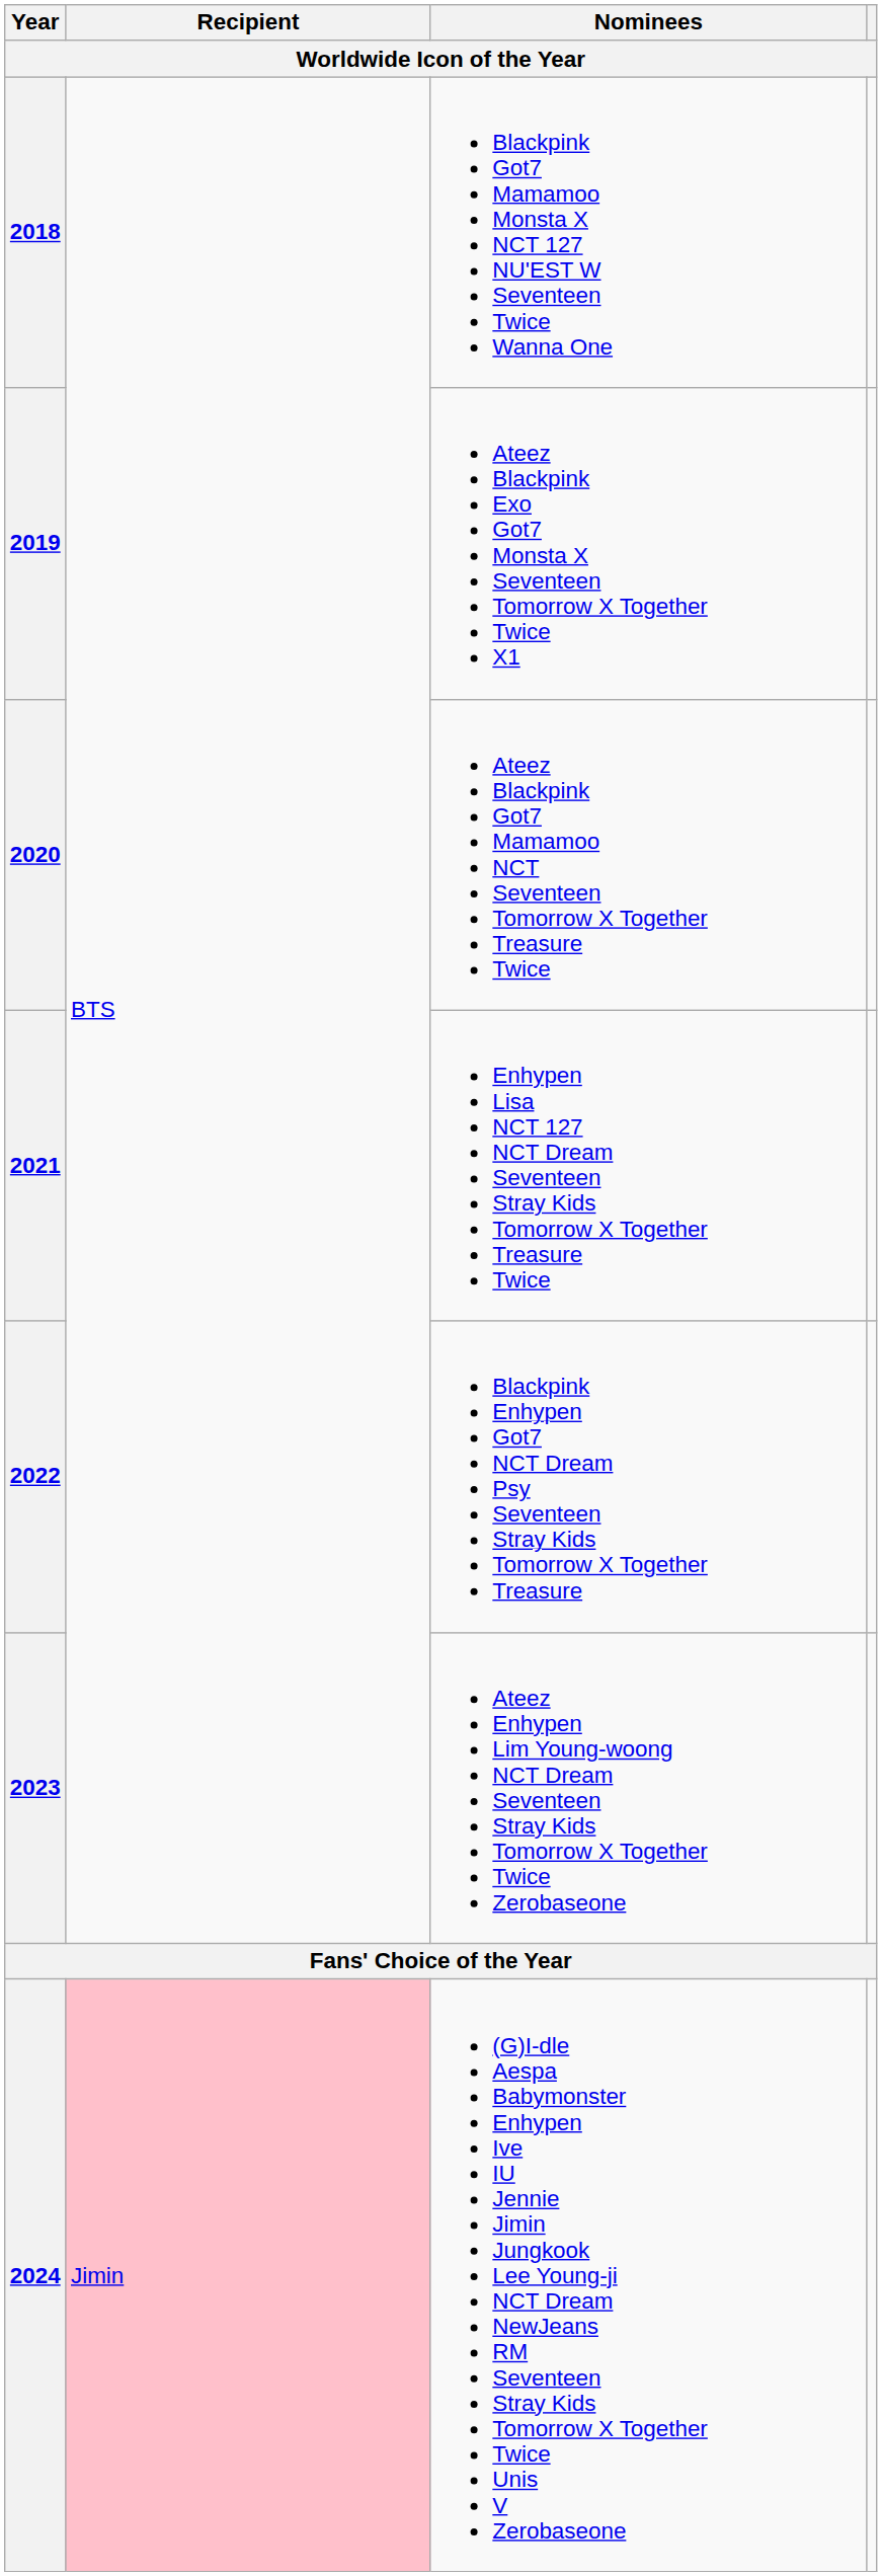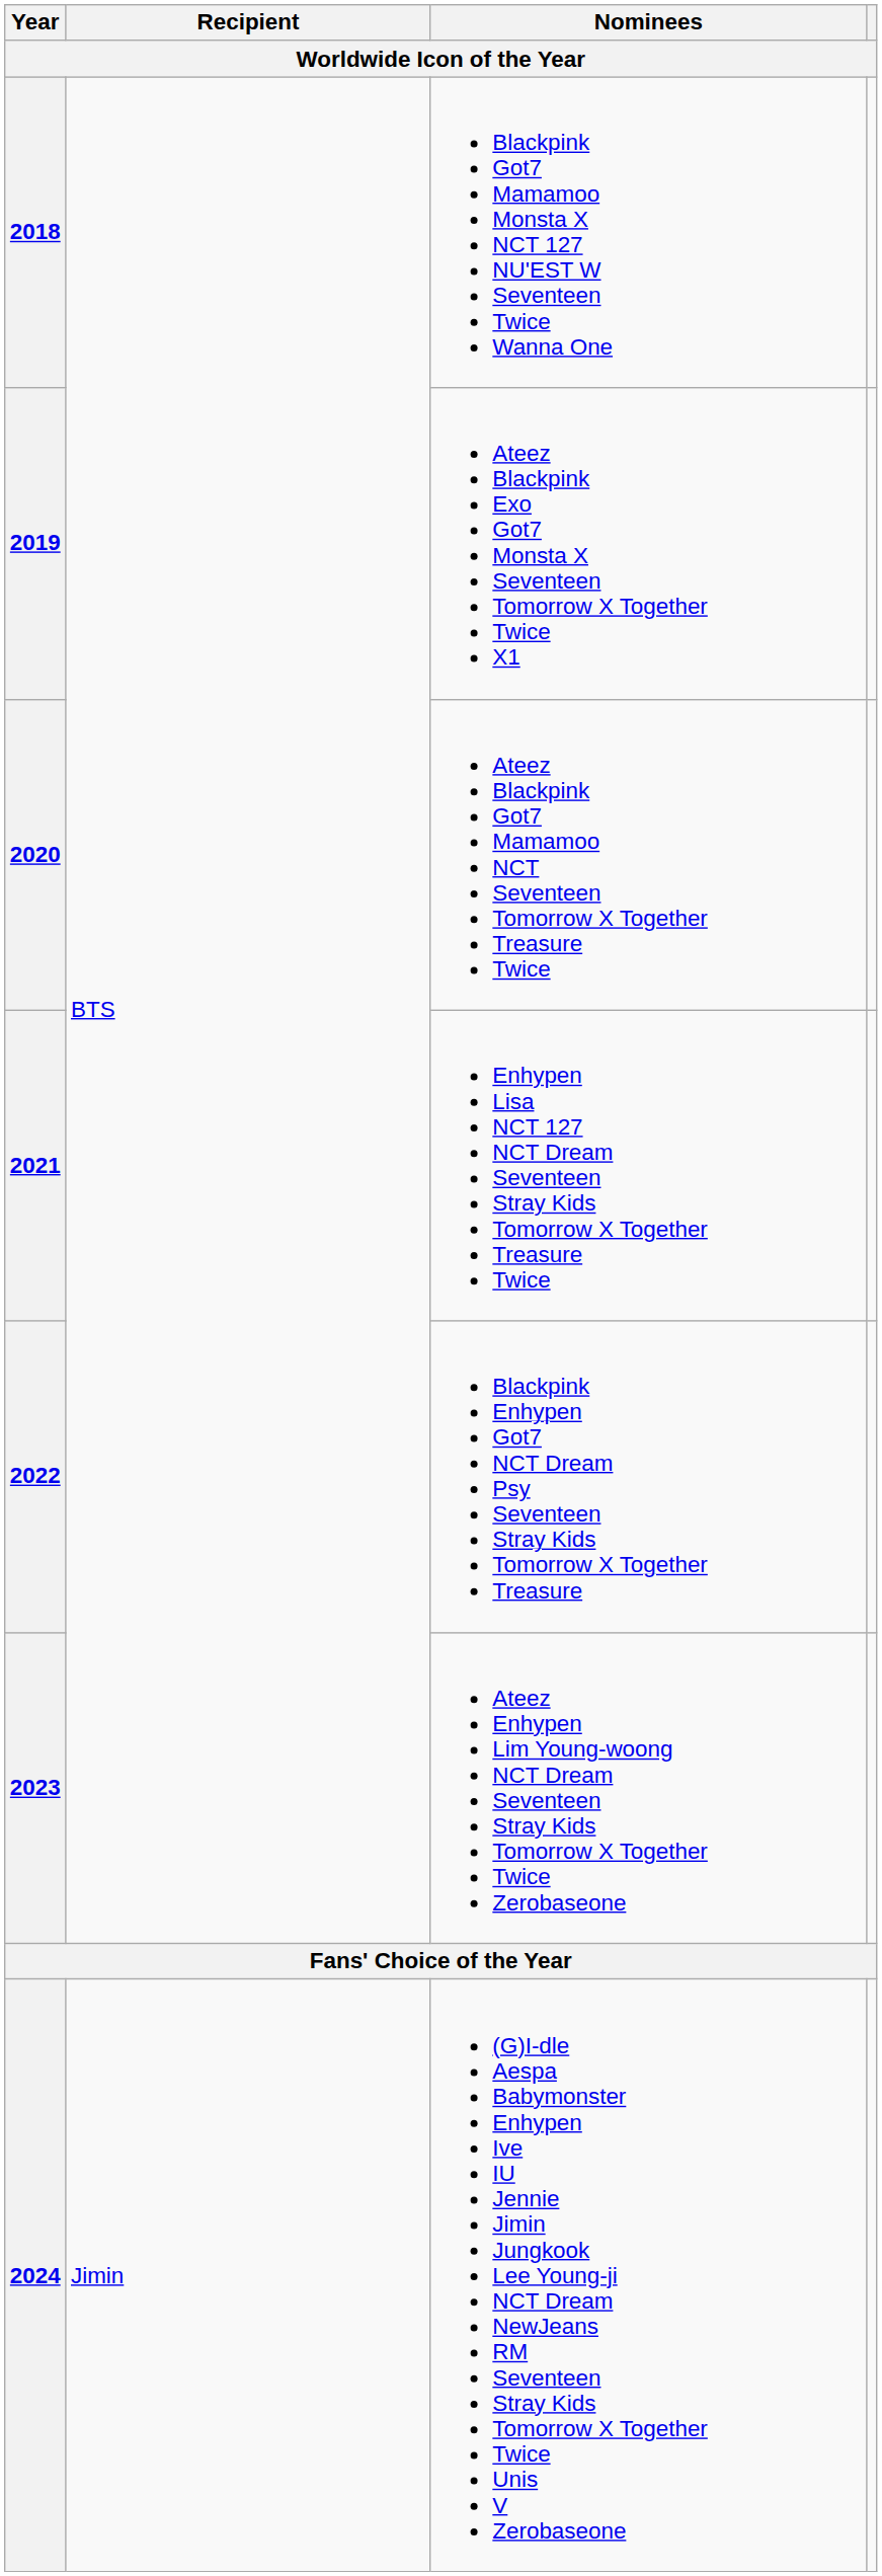 <table class="wikitable plainrowheaders sortable">
 <tr>
 <th scope="col" bgcolor="#efefef">Year</th>
 <th scope="col" bgcolor="#efefef" width=250px>Recipient</th>
 <th scope="col" bgcolor="#efefef" width=300px class=unsortable>Nominees</th>
 <th scope="col" bgcolor="#efefef" class=unsortable></th>
 </tr>
 <tr>
 <th colspan=4>Worldwide Icon of the Year</th>
 </tr>
 <tr>
 <th scope="row" style="text-align:center;"><a href='#'>2018</a></th>
 <td rowspan="6"><a href='#'>BTS</a></td>
 <td><br><ul><li><a href='#'>Blackpink</a></li><li><a href='#'>Got7</a></li><li><a href='#'>Mamamoo</a></li><li><a href='#'>Monsta X</a></li><li><a href='#'>NCT 127</a></li><li><a href='#'>NU'EST W</a></li><li><a href='#'>Seventeen</a></li><li><a href='#'>Twice</a></li><li><a href='#'>Wanna One</a></li></ul></td>
 <td style="text-align:center;"></td>
 </tr>
 <tr>
 <th scope="row" style="text-align:center;"><a href='#'>2019</a></th>
 <td><br><ul><li><a href='#'>Ateez</a></li><li><a href='#'>Blackpink</a></li><li><a href='#'>Exo</a></li><li><a href='#'>Got7</a></li><li><a href='#'>Monsta X</a></li><li><a href='#'>Seventeen</a></li><li><a href='#'>Tomorrow X Together</a></li><li><a href='#'>Twice</a></li><li><a href='#'>X1</a></li></ul></td>
 <td style="text-align:center;"></td>
 </tr>
 <tr>
 <th scope="row" style="text-align:center;"><a href='#'>2020</a></th>
 <td><br><ul><li><a href='#'>Ateez</a></li><li><a href='#'>Blackpink</a></li><li><a href='#'>Got7</a></li><li><a href='#'>Mamamoo</a></li><li><a href='#'>NCT</a></li><li><a href='#'>Seventeen</a></li><li><a href='#'>Tomorrow X Together</a></li><li><a href='#'>Treasure</a></li><li><a href='#'>Twice</a></li></ul></td>
 <td style="text-align:center;"></td>
 </tr>
 <tr>
 <th scope="row" style="text-align:center;"><a href='#'>2021</a></th>
 <td><br><ul><li><a href='#'>Enhypen</a></li><li><a href='#'>Lisa</a></li><li><a href='#'>NCT 127</a></li><li><a href='#'>NCT Dream</a></li><li><a href='#'>Seventeen</a></li><li><a href='#'>Stray Kids</a></li><li><a href='#'>Tomorrow X Together</a></li><li><a href='#'>Treasure</a></li><li><a href='#'>Twice</a></li></ul></td>
 <td style="text-align:center;"></td>
 </tr>
 <tr>
 <th scope="row" style="text-align:center;"><a href='#'>2022</a></th>
 <td><br><ul><li><a href='#'>Blackpink</a></li><li><a href='#'>Enhypen</a></li><li><a href='#'>Got7</a></li><li><a href='#'>NCT Dream</a></li><li><a href='#'>Psy</a></li><li><a href='#'>Seventeen</a></li><li><a href='#'>Stray Kids</a></li><li><a href='#'>Tomorrow X Together</a></li><li><a href='#'>Treasure</a></li></ul></td>
 <td style="text-align:center;"></td>
 </tr>
 <tr>
 <th scope="row" style="text-align:center;"><a href='#'>2023</a></th>
 <td><br><ul><li><a href='#'>Ateez</a></li><li><a href='#'>Enhypen</a></li><li><a href='#'>Lim Young-woong</a></li><li><a href='#'>NCT Dream</a></li><li><a href='#'>Seventeen</a></li><li><a href='#'>Stray Kids</a></li><li><a href='#'>Tomorrow X Together</a></li><li><a href='#'>Twice</a></li><li><a href='#'>Zerobaseone</a></li></ul></td>
 <td style="text-align:center;"></td>
 </tr>
 <tr>
 <th colspan=4>Fans' Choice of the Year</th>
 </tr>
 <tr>
 <th scope="row" style="text-align:center;"><a href='#'>2024</a></th>
-<td style="background: pink;"><a href='#'>Jimin</a></td>
+<td><a href='#'>Jimin</a></td>
 <td><br><ul><li><a href='#'>(G)I-dle</a></li><li><a href='#'>Aespa</a></li><li><a href='#'>Babymonster</a></li><li><a href='#'>Enhypen</a></li><li><a href='#'>Ive</a></li><li><a href='#'>IU</a></li><li><a href='#'>Jennie</a></li><li><a href='#'>Jimin</a></li><li><a href='#'>Jungkook</a></li><li><a href='#'>Lee Young-ji</a></li><li><a href='#'>NCT Dream</a></li><li><a href='#'>NewJeans</a></li><li><a href='#'>RM</a></li><li><a href='#'>Seventeen</a></li><li><a href='#'>Stray Kids</a></li><li><a href='#'>Tomorrow X Together</a></li><li><a href='#'>Twice</a></li><li><a href='#'>Unis</a></li><li><a href='#'>V</a></li><li><a href='#'>Zerobaseone</a></li></ul></td>
 <td style="text-align:center;"></td>
 </tr>
 </table>
